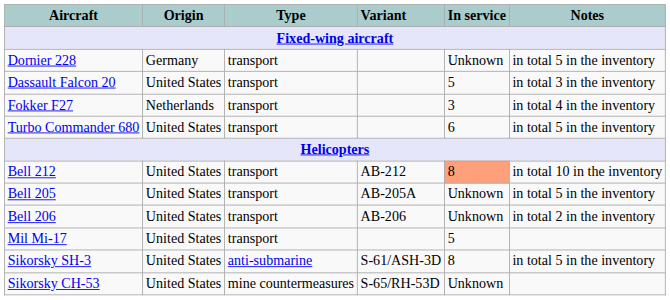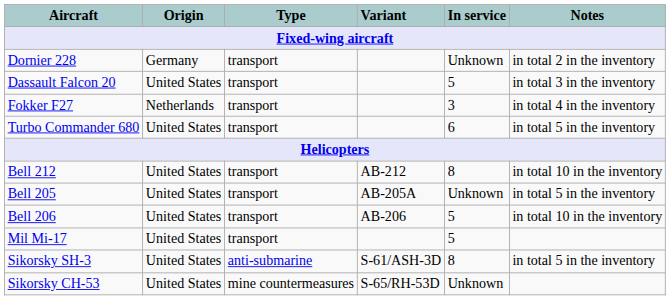 <table class="wikitable">
 <tr>
 <th style="text-align:center; background:#acc;">Aircraft</th>
 <th style="text-align: center; background:#acc;">Origin</th>
 <th style="text-align:l center; background:#acc;">Type</th>
 <th style="text-align:left; background:#acc;">Variant</th>
 <th style="text-align:center; background:#acc;">In service</th>
 <th style="text-align: center; background:#acc;">Notes</th>
 </tr>
 <tr>
 <th style="align: center; background: lavender;" colspan="7"><a href='#'>Fixed-wing aircraft</a></th>
 </tr>
 <tr>
 <td><a href='#'>Dornier 228</a></td>
 <td>Germany</td>
 <td>transport</td>
 <td></td>
 <td>Unknown</td>
-<td>in total 5 in the inventory</td>
+<td>in total 2 in the inventory</td>
 </tr>
 <tr>
 <td><a href='#'>Dassault Falcon 20</a></td>
 <td>United States</td>
 <td>transport</td>
 <td></td>
 <td>5</td>
 <td>in total 3 in the inventory</td>
 </tr>
 <tr>
 <td><a href='#'>Fokker F27</a></td>
 <td>Netherlands</td>
 <td>transport</td>
 <td></td>
 <td>3</td>
 <td>in total 4 in the inventory</td>
 </tr>
 <tr>
 <td><a href='#'>Turbo Commander 680</a></td>
 <td>United States</td>
 <td>transport</td>
 <td></td>
 <td>6</td>
 <td>in total 5 in the inventory</td>
 </tr>
 <tr>
 <th style="align: center; background: lavender;" colspan="7"><a href='#'>Helicopters</a></th>
 </tr>
 <tr>
 <td><a href='#'>Bell 212</a></td>
 <td>United States</td>
 <td>transport</td>
 <td>AB-212</td>
-<td style="background: lightsalmon;">8</td>
+<td>8</td>
 <td>in total 10 in the inventory</td>
 </tr>
 <tr>
 <td><a href='#'>Bell 205</a></td>
 <td>United States</td>
 <td>transport</td>
 <td>AB-205A</td>
 <td>Unknown</td>
 <td>in total 5 in the inventory</td>
 </tr>
 <tr>
 <td><a href='#'>Bell 206</a></td>
 <td>United States</td>
 <td>transport</td>
 <td>AB-206</td>
-<td>Unknown</td>
-<td>in total 2 in the inventory</td>
+<td>5</td>
+<td>in total 10 in the inventory</td>
 </tr>
 <tr>
 <td><a href='#'>Mil Mi-17</a></td>
 <td>United States</td>
 <td>transport</td>
 <td></td>
 <td>5</td>
 <td></td>
 </tr>
 <tr>
 <td><a href='#'>Sikorsky SH-3</a></td>
 <td>United States</td>
 <td><a href='#'>anti-submarine</a></td>
 <td>S-61/ASH-3D</td>
 <td>8</td>
 <td>in total 5 in the inventory</td>
 </tr>
 <tr>
 <td><a href='#'>Sikorsky CH-53</a></td>
 <td>United States</td>
 <td>mine countermeasures</td>
 <td>S-65/RH-53D</td>
 <td>Unknown</td>
 <td></td>
 </tr>
 </table>
